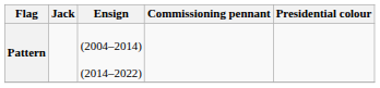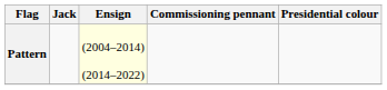 <table class="wikitable" style="text-align:center">
 <tr>
 <th>Flag</th>
 <th>Jack</th>
 <th>Ensign</th>
 <th>Commissioning pennant</th>
 <th>Presidential colour</th>
 </tr>
 <tr>
 <th>Pattern</th>
 <td></td>
-<td><br>(2004–2014)<br><br>(2014–2022)</td>
+<td style="background: lightyellow;"><br>(2004–2014)<br><br>(2014–2022)</td>
 <td></td>
 <td></td>
 </tr>
 <tr>
 </tr>
 </table>
